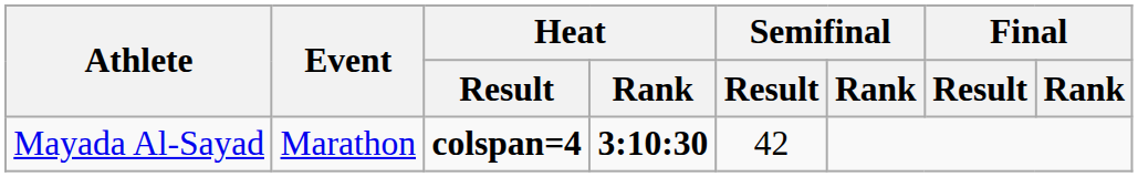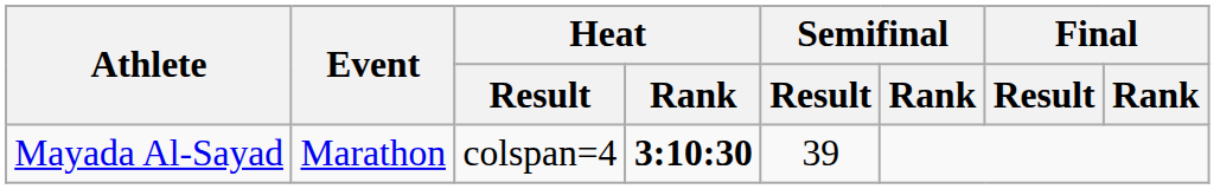 <table class="wikitable">
 <tr>
 <th rowspan="2">Athlete</th>
 <th rowspan="2">Event</th>
 <th colspan="2">Heat</th>
 <th colspan="2">Semifinal</th>
 <th colspan="2">Final</th>
 </tr>
 <tr>
 <th>Result</th>
 <th>Rank</th>
 <th>Result</th>
 <th>Rank</th>
 <th>Result</th>
 <th>Rank</th>
 </tr>
 <tr style=text-align:center>
 <td style=text-align:left><a href='#'>Mayada Al-Sayad</a></td>
 <td style=text-align:left><a href='#'>Marathon</a></td>
-<td><strong>colspan=4 </strong></td>
+<td>colspan=4 </td>
 <td><strong>3:10:30</strong></td>
-<td>42</td>
+<td>39</td>
 </tr>
 </table>
